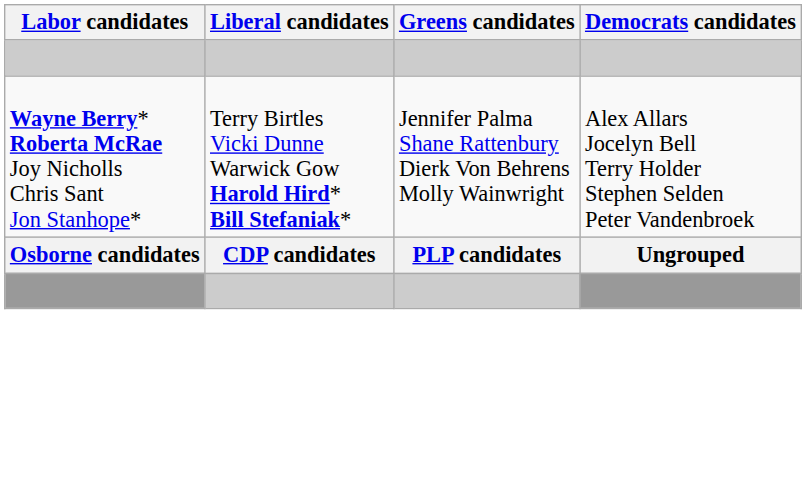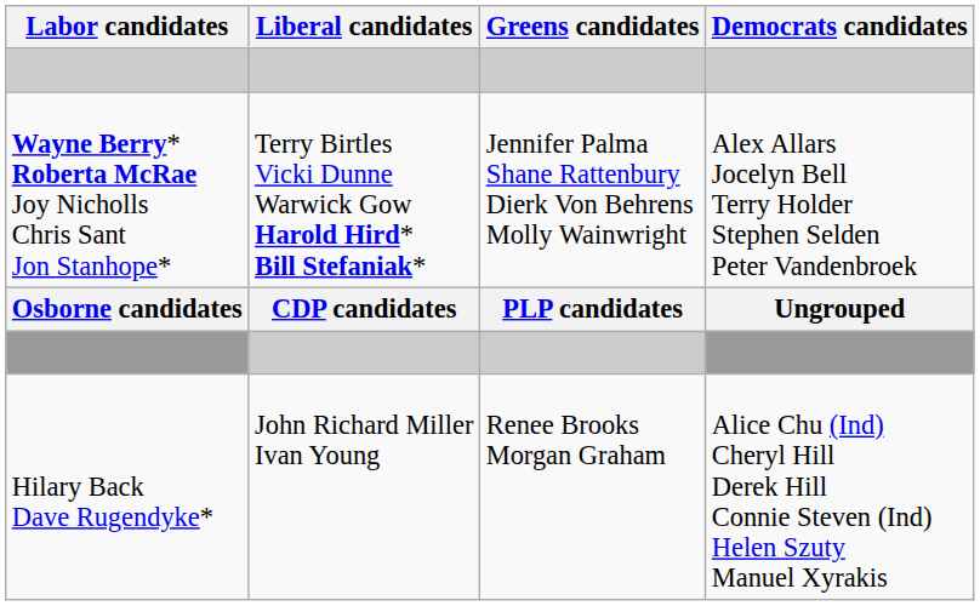 <table class="wikitable">
 <tr>
 <th><a href='#'>Labor</a> candidates</th>
 <th><a href='#'>Liberal</a> candidates</th>
 <th><a href='#'>Greens</a> candidates</th>
 <th><a href='#'>Democrats</a> candidates</th>
 </tr>
 <tr bgcolor="#cccccc">
 <td></td>
 <td></td>
 <td></td>
 <td> </td>
 </tr>
 <tr>
 <td><br><strong><a href='#'>Wayne Berry</a></strong>* <br> <strong><a href='#'>Roberta McRae</a></strong> <br> Joy Nicholls <br> Chris Sant <br> <a href='#'>Jon Stanhope</a>*</td>
 <td><br>Terry Birtles <br> <a href='#'>Vicki Dunne</a> <br> Warwick Gow <br> <strong><a href='#'>Harold Hird</a></strong>* <br> <strong><a href='#'>Bill Stefaniak</a></strong>*</td>
 <td valign=top><br>Jennifer Palma <br> <a href='#'>Shane Rattenbury</a> <br> Dierk Von Behrens <br> Molly Wainwright</td>
 <td valign=top><br>Alex Allars <br> Jocelyn Bell <br> Terry Holder <br> Stephen Selden <br> Peter Vandenbroek</td>
 </tr>
 <tr bgcolor="#cccccc">
 <th><a href='#'>Osborne</a> candidates</th>
 <th><a href='#'>CDP</a> candidates</th>
 <th><a href='#'>PLP</a> candidates</th>
 <th>Ungrouped</th>
 </tr>
 <tr bgcolor="#cccccc">
 <td bgcolor="#999999"></td>
 <td></td>
 <td></td>
 <td bgcolor="#999999"> </td>
 </tr>
+<tr>
+<td><br>Hilary Back <br> <a href='#'>Dave Rugendyke</a>*</td>
+<td valign=top><br>John Richard Miller <br> Ivan Young</td>
+<td valign=top><br>Renee Brooks <br> Morgan Graham</td>
+<td valign=top><br>Alice Chu <a href='#'>(Ind)</a> <br> Cheryl Hill <br> Derek Hill <br> Connie Steven (Ind) <br> <a href='#'>Helen Szuty</a> <br> Manuel Xyrakis</td>
+</tr>
 </table>
